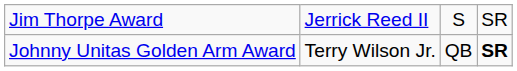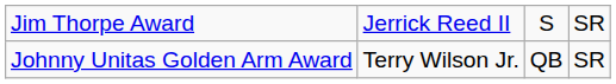 <table class="wikitable">
 <tr>
 <td><a href='#'>Jim Thorpe Award</a></td>
 <td><a href='#'>Jerrick Reed II</a></td>
 <td align=center>S</td>
 <td align=center>SR</td>
 </tr>
 <tr>
 <td><a href='#'>Johnny Unitas Golden Arm Award</a></td>
 <td>Terry Wilson Jr.</td>
 <td align=center>QB</td>
-<td align=center><strong>SR</strong></td>
+<td align=center>SR</td>
 </tr>
 </table>
